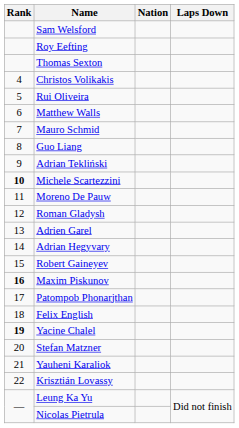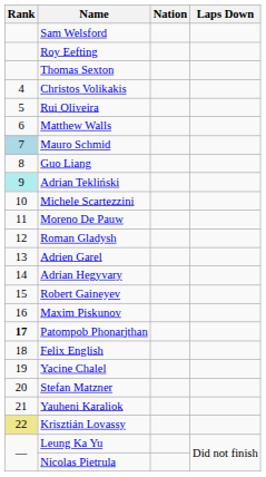 <table class="wikitable sortable" style="text-align:center">
 <tr>
 <th>Rank</th>
 <th>Name</th>
 <th>Nation</th>
 <th>Laps Down</th>
 </tr>
 <tr>
 <td></td>
 <td align=left><a href='#'>Sam Welsford</a></td>
 <td align=left></td>
 <td></td>
 </tr>
 <tr>
 <td></td>
 <td align=left><a href='#'>Roy Eefting</a></td>
 <td align=left></td>
 <td></td>
 </tr>
 <tr>
 <td></td>
 <td align=left><a href='#'>Thomas Sexton</a></td>
 <td align=left></td>
 <td></td>
 </tr>
 <tr>
 <td>4</td>
 <td align=left><a href='#'>Christos Volikakis</a></td>
 <td align=left></td>
 <td></td>
 </tr>
 <tr>
 <td>5</td>
 <td align=left><a href='#'>Rui Oliveira</a></td>
 <td align=left></td>
 <td></td>
 </tr>
 <tr>
 <td>6</td>
 <td align=left><a href='#'>Matthew Walls</a></td>
 <td align=left></td>
 <td></td>
 </tr>
 <tr>
-<td>7</td>
+<td style="background: lightblue;">7</td>
 <td align=left><a href='#'>Mauro Schmid</a></td>
 <td align=left></td>
 <td></td>
 </tr>
 <tr>
 <td>8</td>
 <td align=left><a href='#'>Guo Liang</a></td>
 <td align=left></td>
 <td></td>
 </tr>
 <tr>
-<td>9</td>
+<td style="background: paleturquoise;">9</td>
 <td align=left><a href='#'>Adrian Tekliński</a></td>
 <td align=left></td>
 <td></td>
 </tr>
 <tr>
-<td><strong>10</strong></td>
+<td>10</td>
 <td align=left><a href='#'>Michele Scartezzini</a></td>
 <td align=left></td>
 <td></td>
 </tr>
 <tr>
 <td>11</td>
 <td align=left><a href='#'>Moreno De Pauw</a></td>
 <td align=left></td>
 <td></td>
 </tr>
 <tr>
 <td>12</td>
 <td align=left><a href='#'>Roman Gladysh</a></td>
 <td align=left></td>
 <td></td>
 </tr>
 <tr>
 <td>13</td>
 <td align=left><a href='#'>Adrien Garel</a></td>
 <td align=left></td>
 <td></td>
 </tr>
 <tr>
 <td>14</td>
 <td align=left><a href='#'>Adrian Hegyvary</a></td>
 <td align=left></td>
 <td></td>
 </tr>
 <tr>
 <td>15</td>
 <td align=left><a href='#'>Robert Gaineyev</a></td>
 <td align=left></td>
 <td></td>
 </tr>
 <tr>
-<td><strong>16</strong></td>
+<td>16</td>
 <td align=left><a href='#'>Maxim Piskunov</a></td>
 <td align=left></td>
 <td></td>
 </tr>
 <tr>
-<td>17</td>
+<td><strong>17</strong></td>
 <td align=left><a href='#'>Patompob Phonarjthan</a></td>
 <td align=left></td>
 <td></td>
 </tr>
 <tr>
 <td>18</td>
 <td align=left><a href='#'>Felix English</a></td>
 <td align=left></td>
 <td></td>
 </tr>
 <tr>
-<td><strong>19</strong></td>
+<td>19</td>
 <td align=left><a href='#'>Yacine Chalel</a></td>
 <td align=left></td>
 <td></td>
 </tr>
 <tr>
 <td>20</td>
 <td align=left><a href='#'>Stefan Matzner</a></td>
 <td align=left></td>
 <td></td>
 </tr>
 <tr>
 <td>21</td>
 <td align=left><a href='#'>Yauheni Karaliok</a></td>
 <td align=left></td>
 <td></td>
 </tr>
 <tr>
-<td>22</td>
+<td style="background: khaki;">22</td>
 <td align=left><a href='#'>Krisztián Lovassy</a></td>
 <td align=left></td>
 <td></td>
 </tr>
 <tr>
 <td rowspan=2>—</td>
 <td align=left><a href='#'>Leung Ka Yu</a></td>
 <td align=left></td>
 <td rowspan=2>Did not finish</td>
 </tr>
 <tr>
 <td align=left><a href='#'>Nicolas Pietrula</a></td>
 <td align=left></td>
 </tr>
 </table>
